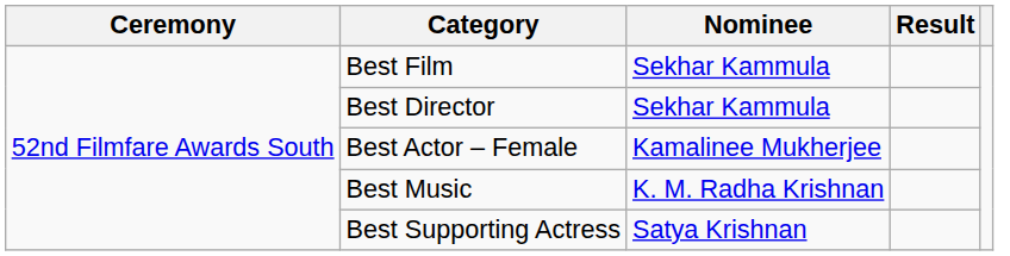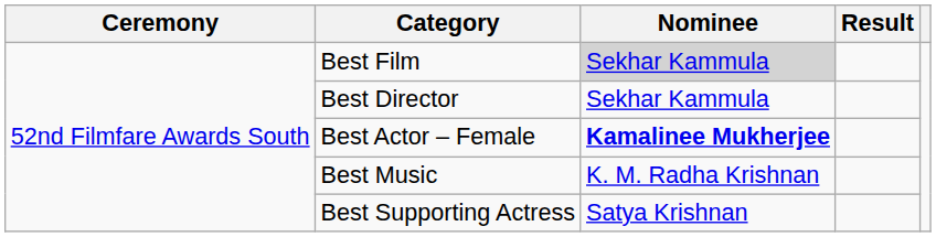 <table class="wikitable">
 <tr>
 <th>Ceremony</th>
 <th>Category</th>
 <th>Nominee</th>
 <th>Result</th>
 <th></th>
 </tr>
 <tr>
 <td rowspan="5"><a href='#'>52nd Filmfare Awards South</a></td>
 <td>Best Film</td>
-<td><a href='#'>Sekhar Kammula</a></td>
+<td style="background: lightgrey;"><a href='#'>Sekhar Kammula</a></td>
 <td></td>
 <td rowspan="5"></td>
 </tr>
 <tr>
 <td>Best Director</td>
 <td><a href='#'>Sekhar Kammula</a></td>
 <td></td>
 </tr>
 <tr>
 <td>Best Actor – Female</td>
-<td><a href='#'>Kamalinee Mukherjee</a></td>
+<td><strong><a href='#'>Kamalinee Mukherjee</a></strong></td>
 <td></td>
 </tr>
 <tr>
 <td>Best Music</td>
 <td><a href='#'>K. M. Radha Krishnan</a></td>
 <td></td>
 </tr>
 <tr>
 <td>Best Supporting Actress</td>
 <td><a href='#'>Satya Krishnan</a></td>
 <td></td>
 </tr>
 </table>
